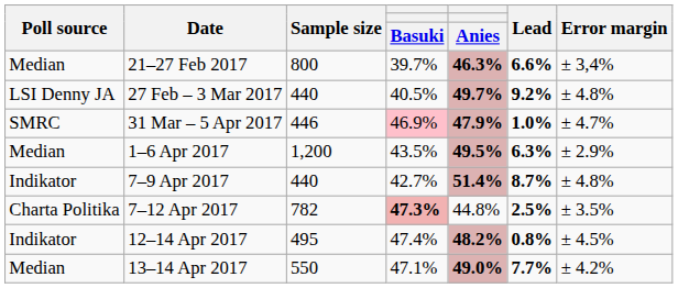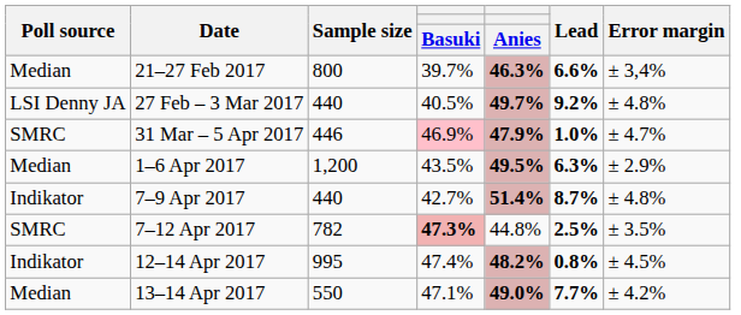 <table class="wikitable sortable">
 <tr>
 <th rowspan="3">Poll source</th>
 <th rowspan="3">Date</th>
 <th rowspan="3">Sample size</th>
 <th></th>
 <th></th>
 <th rowspan="3">Lead</th>
 <th rowspan="3">Error margin</th>
 </tr>
 <tr>
 <th style="color:inherit;background:"></th>
 <th style="color:inherit;background:"></th>
 </tr>
 <tr>
 <th><a href='#'>Basuki</a></th>
 <th><a href='#'>Anies</a></th>
 </tr>
 <tr>
 <td>Median</td>
 <td>21–27 Feb 2017</td>
 <td>800</td>
 <td>39.7%</td>
 <td style="background:#DCB2B2;"><strong>46.3%</strong></td>
 <td style="background:"><strong>6.6%</strong></td>
 <td>± 3,4%</td>
 </tr>
 <tr>
 <td>LSI Denny JA</td>
 <td>27 Feb – 3 Mar 2017</td>
 <td>440</td>
 <td>40.5%</td>
 <td style="background:#DCB2B2;"><strong>49.7%</strong></td>
 <td style="background:"><strong>9.2%</strong></td>
 <td>± 4.8%</td>
 </tr>
 <tr>
 <td>SMRC</td>
 <td>31 Mar – 5 Apr 2017</td>
 <td>446</td>
 <td style="background: pink;">46.9%</td>
 <td style="background:#DCB2B2;"><strong>47.9%</strong></td>
 <td style="background:"><strong>1.0%</strong></td>
 <td>± 4.7%</td>
 </tr>
 <tr>
 <td>Median</td>
 <td>1–6 Apr 2017</td>
 <td>1,200</td>
 <td>43.5%</td>
 <td style="background:#DCB2B2;"><strong>49.5%</strong></td>
 <td style="background:"><strong>6.3%</strong></td>
 <td>± 2.9%</td>
 </tr>
 <tr>
 <td>Indikator</td>
 <td>7–9 Apr 2017</td>
 <td>440</td>
 <td>42.7%</td>
 <td style="background:#DCB2B2;"><strong>51.4%</strong></td>
 <td style="background:"><strong>8.7%</strong></td>
 <td>± 4.8%</td>
 </tr>
 <tr>
-<td>Charta Politika</td>
+<td>SMRC</td>
 <td>7–12 Apr 2017</td>
 <td>782</td>
 <td style="background:#F2B2B2;"><strong>47.3%</strong></td>
 <td>44.8%</td>
 <td style="background:"><strong>2.5%</strong></td>
 <td>± 3.5%</td>
 </tr>
 <tr>
 <td>Indikator</td>
 <td>12–14 Apr 2017</td>
-<td>495</td>
+<td>995</td>
 <td>47.4%</td>
 <td style="background:#DCB2B2;"><strong>48.2%</strong></td>
 <td style="background:"><strong>0.8%</strong></td>
 <td>± 4.5%</td>
 </tr>
 <tr>
 <td>Median</td>
 <td>13–14 Apr 2017</td>
 <td>550</td>
 <td>47.1%</td>
 <td style="background:#DCB2B2;"><strong>49.0%</strong></td>
 <td style="background:"><strong>7.7%</strong></td>
 <td>± 4.2%</td>
 </tr>
 </table>
